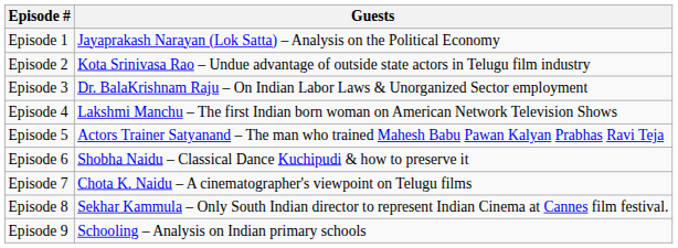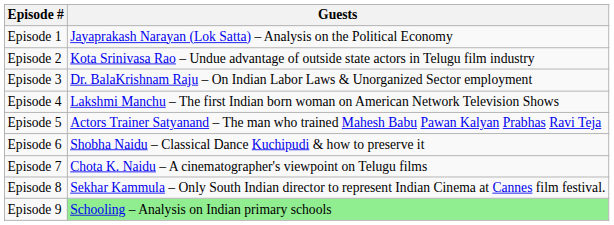 <table class="wikitable">
 <tr>
 <th>Episode #</th>
 <th>Guests</th>
 </tr>
 <tr>
 <td>Episode 1</td>
 <td><a href='#'>Jayaprakash Narayan (Lok Satta)</a> – Analysis on the Political Economy</td>
 </tr>
 <tr>
 <td>Episode 2</td>
 <td><a href='#'>Kota Srinivasa Rao</a> – Undue advantage of outside state actors in Telugu film industry</td>
 </tr>
 <tr>
 <td>Episode 3</td>
 <td><a href='#'>Dr. BalaKrishnam Raju</a> – On Indian Labor Laws & Unorganized Sector employment</td>
 </tr>
 <tr>
 <td>Episode 4</td>
 <td><a href='#'>Lakshmi Manchu</a> – The first Indian born woman on American Network Television Shows</td>
 </tr>
 <tr>
 <td>Episode 5</td>
 <td><a href='#'>Actors Trainer Satyanand</a> – The man who trained <a href='#'>Mahesh Babu</a> <a href='#'>Pawan Kalyan</a> <a href='#'>Prabhas</a> <a href='#'>Ravi Teja</a></td>
 </tr>
 <tr>
 <td>Episode 6</td>
 <td><a href='#'>Shobha Naidu</a> – Classical Dance <a href='#'>Kuchipudi</a> & how to preserve it</td>
 </tr>
 <tr>
 <td>Episode 7</td>
 <td><a href='#'>Chota K. Naidu</a> – A cinematographer's viewpoint on Telugu films</td>
 </tr>
 <tr>
 <td>Episode 8</td>
 <td><a href='#'>Sekhar Kammula</a> – Only South Indian director to represent Indian Cinema at <a href='#'>Cannes</a> film festival.</td>
 </tr>
 <tr>
 <td>Episode 9</td>
-<td><a href='#'>Schooling</a> – Analysis on Indian primary schools</td>
+<td style="background: lightgreen;"><a href='#'>Schooling</a> – Analysis on Indian primary schools</td>
 </tr>
 </table>
